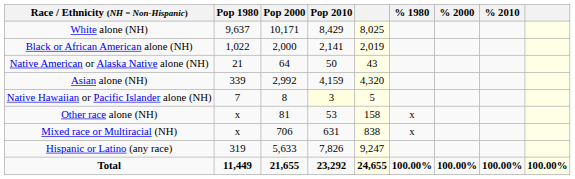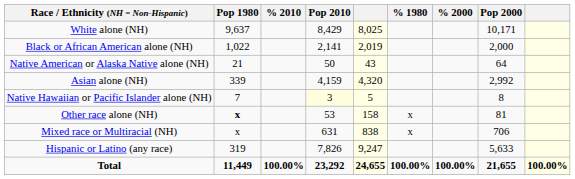 <table class="wikitable" style="text-align:center;">
 <tr>
 <th>Race / Ethnicity <small>(<em>NH = Non-Hispanic</em>)</small></th>
 <th>Pop 1980</th>
-<th>Pop 2000</th>
+<th>% 2010</th>
 <th>Pop 2010</th>
 <th></th>
 <th>% 1980</th>
 <th>% 2000</th>
-<th>% 2010</th>
+<th>Pop 2000</th>
 <th></th>
 </tr>
 <tr>
 <td><a href='#'>White</a> alone (NH)</td>
 <td>9,637</td>
-<td>10,171</td>
+<td></td>
 <td>8,429</td>
 <td style='background: #ffffe6;'>8,025</td>
 <td></td>
 <td></td>
-<td></td>
+<td>10,171</td>
 <td style='background: #ffffe6;'></td>
 </tr>
 <tr>
 <td><a href='#'>Black or African American</a> alone (NH)</td>
 <td>1,022</td>
-<td>2,000</td>
+<td></td>
 <td>2,141</td>
 <td style='background: #ffffe6;'>2,019</td>
 <td></td>
 <td></td>
-<td></td>
+<td>2,000</td>
 <td style='background: #ffffe6;'></td>
 </tr>
 <tr>
 <td><a href='#'>Native American</a> or <a href='#'>Alaska Native</a> alone (NH)</td>
 <td>21</td>
-<td>64</td>
+<td></td>
 <td>50</td>
 <td style='background: #ffffe6;'>43</td>
 <td></td>
 <td></td>
-<td></td>
+<td>64</td>
 <td style='background: #ffffe6;'></td>
 </tr>
 <tr>
 <td><a href='#'>Asian</a> alone (NH)</td>
 <td>339</td>
-<td>2,992</td>
+<td></td>
 <td>4,159</td>
 <td style='background: #ffffe6;'>4,320</td>
 <td></td>
 <td></td>
-<td></td>
+<td>2,992</td>
 <td style='background: #ffffe6;'></td>
 </tr>
 <tr>
 <td><a href='#'>Native Hawaiian</a> or <a href='#'>Pacific Islander</a> alone (NH)</td>
 <td>7</td>
-<td>8</td>
+<td></td>
 <td style="background: lightyellow;">3</td>
 <td style='background: #ffffe6;'>5</td>
 <td></td>
 <td></td>
-<td></td>
+<td>8</td>
 <td style='background: #ffffe6;'></td>
 </tr>
 <tr>
 <td><a href='#'>Other race</a> alone (NH)</td>
-<td>x</td>
-<td>81</td>
+<td><strong>x</strong></td>
+<td></td>
 <td>53</td>
 <td style='background: #ffffe6;'>158</td>
 <td>x</td>
 <td></td>
-<td></td>
+<td>81</td>
 <td style='background: #ffffe6;'></td>
 </tr>
 <tr>
 <td><a href='#'>Mixed race or Multiracial</a> (NH)</td>
 <td>x</td>
-<td>706</td>
+<td></td>
 <td>631</td>
 <td style='background: #ffffe6;'>838</td>
 <td>x</td>
 <td></td>
-<td></td>
+<td>706</td>
 <td style='background: #ffffe6;'></td>
 </tr>
 <tr>
 <td><a href='#'>Hispanic or Latino</a> (any race)</td>
 <td>319</td>
-<td>5,633</td>
+<td></td>
 <td>7,826</td>
 <td style='background: #ffffe6;'>9,247</td>
 <td></td>
 <td></td>
-<td></td>
+<td>5,633</td>
 <td style='background: #ffffe6;'></td>
 </tr>
 <tr>
 <td><strong>Total</strong></td>
 <td><strong>11,449</strong></td>
-<td><strong>21,655</strong></td>
+<td><strong>100.00%</strong></td>
 <td><strong>23,292</strong></td>
 <td style='background: #ffffe6;'><strong>24,655</strong></td>
 <td><strong>100.00%</strong></td>
 <td><strong>100.00%</strong></td>
-<td><strong>100.00%</strong></td>
+<td><strong>21,655</strong></td>
 <td style='background: #ffffe6;'><strong>100.00%</strong></td>
 </tr>
 </table>
